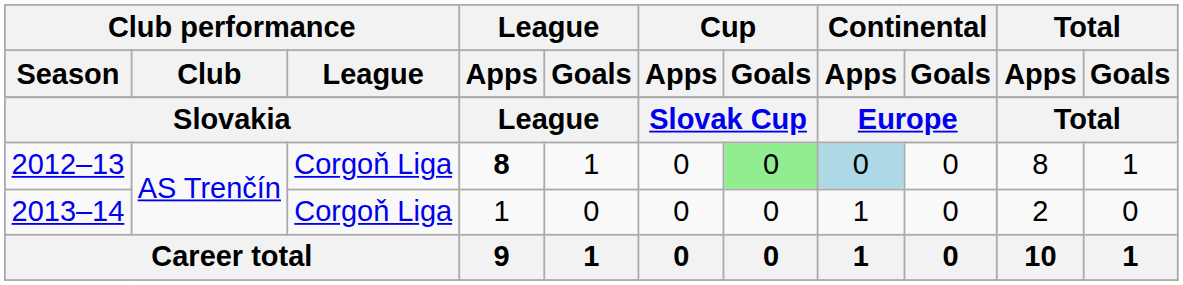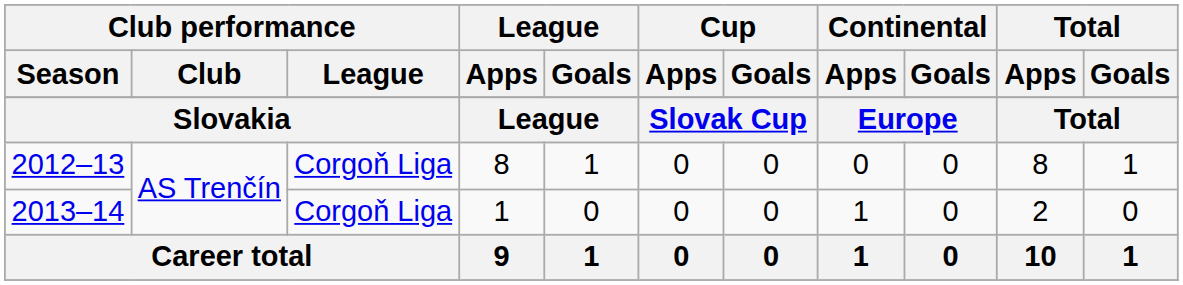 <table class="wikitable" style="text-align:center">
 <tr>
 <th colspan=3>Club performance</th>
 <th colspan=2>League</th>
 <th colspan=2>Cup</th>
 <th colspan=2>Continental</th>
 <th colspan=2>Total</th>
 </tr>
 <tr>
 <th>Season</th>
 <th>Club</th>
 <th>League</th>
 <th>Apps</th>
 <th>Goals</th>
 <th>Apps</th>
 <th>Goals</th>
 <th>Apps</th>
 <th>Goals</th>
 <th>Apps</th>
 <th>Goals</th>
 </tr>
 <tr>
 </tr>
 <tr>
 <th colspan=3>Slovakia</th>
 <th colspan=2>League</th>
 <th colspan=2><a href='#'>Slovak Cup</a></th>
 <th colspan=2><a href='#'>Europe</a></th>
 <th colspan=2>Total</th>
 </tr>
 <tr>
 <td><a href='#'>2012–13</a></td>
 <td rowspan="2"><a href='#'>AS Trenčín</a></td>
 <td rowspan="1"><a href='#'>Corgoň Liga</a></td>
-<td><strong>8</strong></td>
+<td>8</td>
 <td>1</td>
 <td>0</td>
-<td style="background: lightgreen;">0</td>
-<td style="background: lightblue;">0</td>
+<td>0</td>
+<td>0</td>
 <td>0</td>
 <td>8</td>
 <td>1</td>
 </tr>
 <tr>
 <td><a href='#'>2013–14</a></td>
 <td rowspan="1"><a href='#'>Corgoň Liga</a></td>
 <td>1</td>
 <td>0</td>
 <td>0</td>
 <td>0</td>
 <td>1</td>
 <td>0</td>
 <td>2</td>
 <td>0</td>
 </tr>
 <tr>
 <th colspan=3>Career total</th>
 <th>9</th>
 <th>1</th>
 <th>0</th>
 <th>0</th>
 <th>1</th>
 <th>0</th>
 <th>10</th>
 <th>1</th>
 </tr>
 </table>
